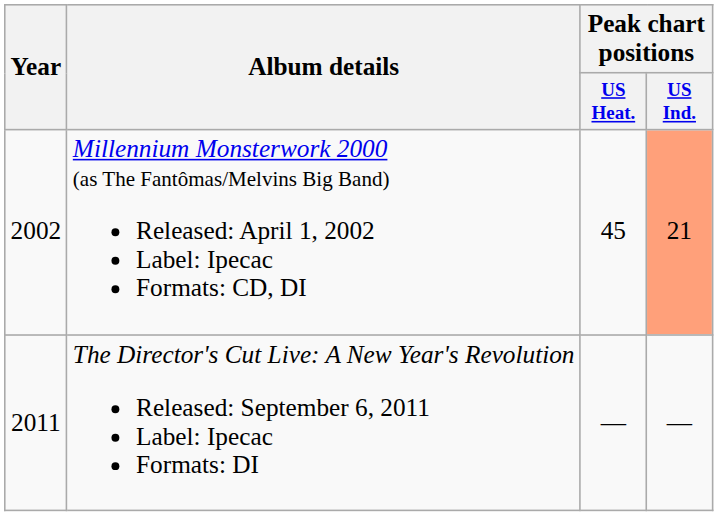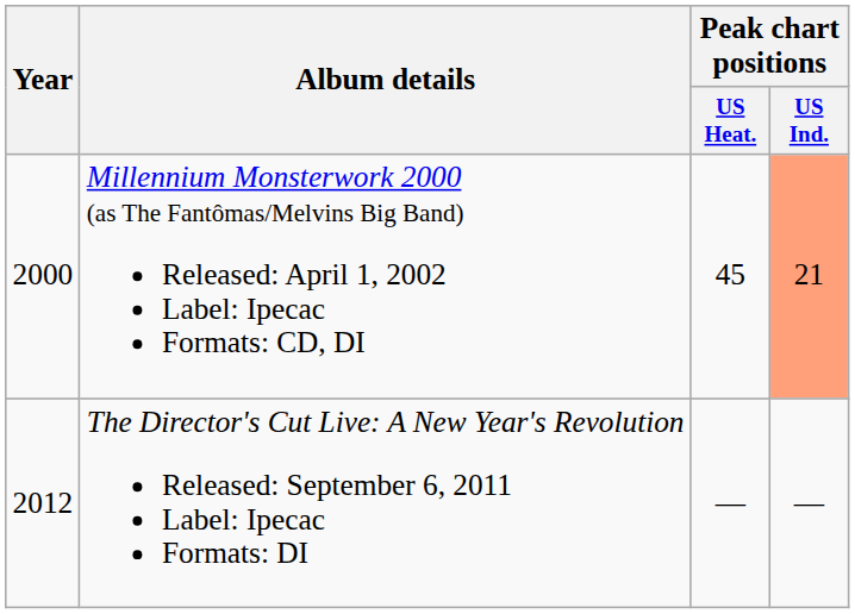 <table class="wikitable">
 <tr>
 <th rowspan="2">Year</th>
 <th rowspan="2">Album details</th>
 <th colspan="2">Peak chart positions</th>
 </tr>
 <tr>
 <th style="width:3em; font-size:75%;"><a href='#'>US<br>Heat.</a><br></th>
 <th style="width:3em; font-size:75%;"><a href='#'>US<br>Ind.</a><br></th>
 </tr>
 <tr>
-<td style="text-align:center;">2002</td>
+<td style="text-align:center;">2000</td>
 <td style="text-align:left;"><em><a href='#'>Millennium Monsterwork 2000</a></em><br><small>(as The Fantômas/Melvins Big Band)</small><br><ul><li>Released: April 1, 2002</li><li>Label: Ipecac</li><li>Formats: CD, DI</li></ul></td>
 <td style="text-align:center;">45</td>
 <td style="background: lightsalmon; text-align:center;">21</td>
 </tr>
 <tr>
-<td style="text-align:center;">2011</td>
+<td style="text-align:center;">2012</td>
 <td style="text-align:left;"><em>The Director's Cut Live: A New Year's Revolution</em><br><ul><li>Released: September 6, 2011</li><li>Label: Ipecac</li><li>Formats: DI</li></ul></td>
 <td style="text-align:center;">—</td>
 <td style="text-align:center;">—</td>
 </tr>
 </table>
